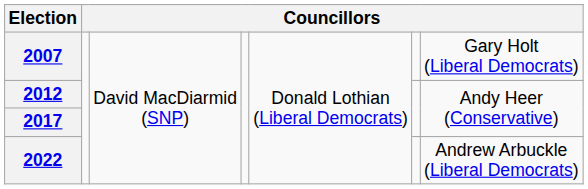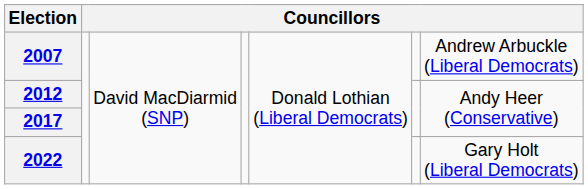 <table class="wikitable" style="text-align:center">
 <tr>
 <th>Election</th>
 <th colspan=6>Councillors</th>
 </tr>
 <tr>
 <th><a href='#'>2007</a></th>
 <td rowspan=4; style="background-color: "></td>
 <td rowspan=4>David MacDiarmid<br>(<a href='#'>SNP</a>)</td>
 <td rowspan=4; style="background-color: "></td>
 <td rowspan=4>Donald Lothian<br>(<a href='#'>Liberal Democrats</a>)</td>
 <td rowspan=1; style="background-color: "></td>
-<td rowspan=1>Gary Holt<br>(<a href='#'>Liberal Democrats</a>)</td>
+<td rowspan=1>Andrew Arbuckle<br>(<a href='#'>Liberal Democrats</a>)</td>
 </tr>
 <tr>
 <th><a href='#'>2012</a></th>
 <td rowspan=2; style="background-color: "></td>
 <td rowspan=2>Andy Heer<br>(<a href='#'>Conservative</a>)</td>
 </tr>
 <tr>
 <th><a href='#'>2017</a></th>
 </tr>
 <tr>
 <th><a href='#'>2022</a></th>
 <td rowspan=1; style="background-color: "></td>
-<td rowspan=1>Andrew Arbuckle<br>(<a href='#'>Liberal Democrats</a>)</td>
+<td rowspan=1>Gary Holt<br>(<a href='#'>Liberal Democrats</a>)</td>
 </tr>
 </table>
